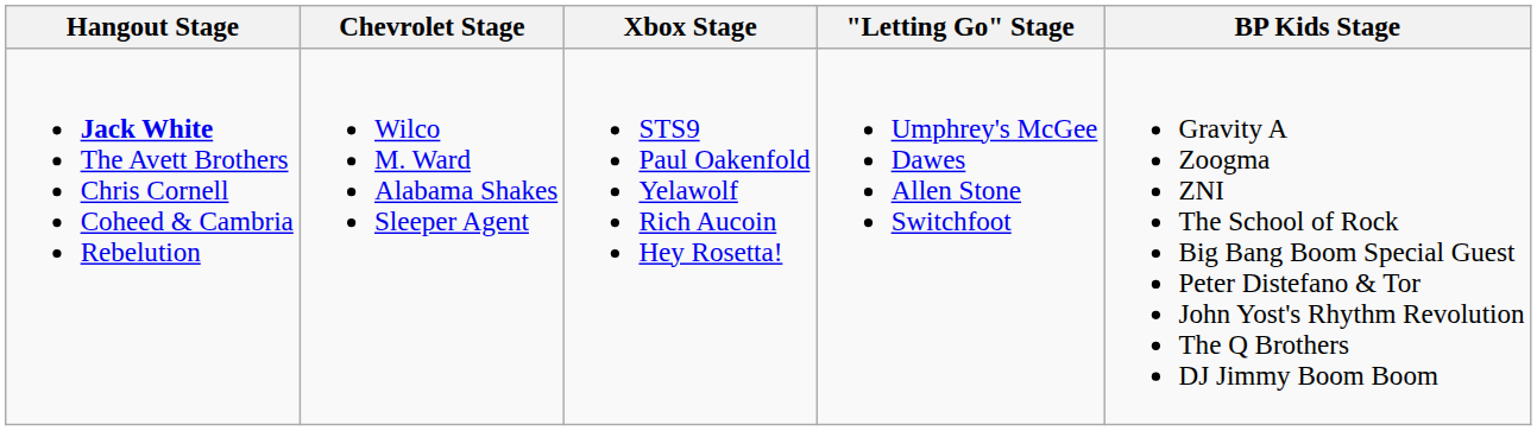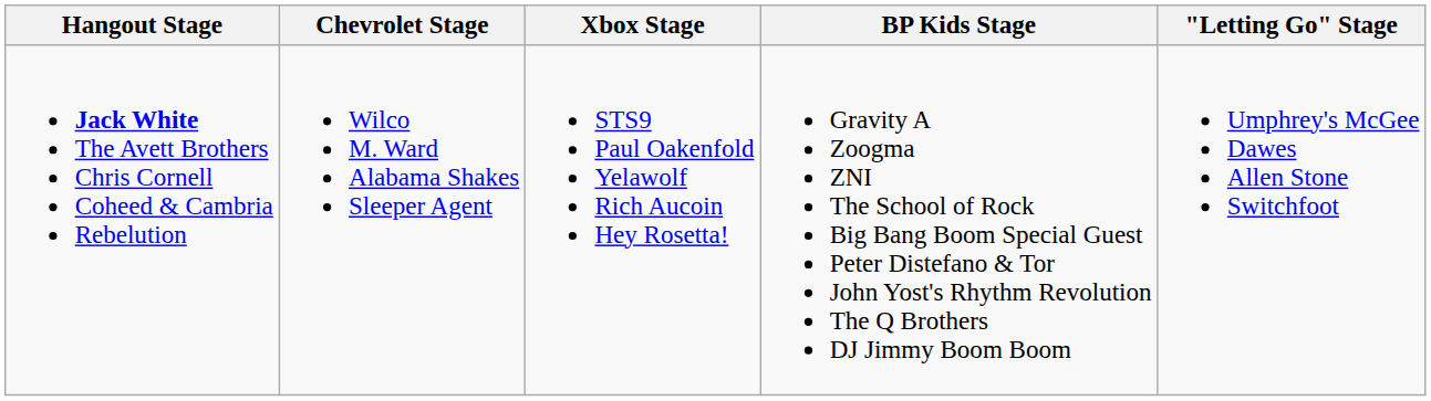 <table class="wikitable">
 <tr>
 <th>Hangout Stage</th>
 <th>Chevrolet Stage</th>
 <th>Xbox Stage</th>
+<th>BP Kids Stage</th>
 <th>"Letting Go" Stage</th>
-<th>BP Kids Stage</th>
 </tr>
 <tr valign="top">
 <td><br><ul><li><strong><a href='#'>Jack White</a></strong></li><li><a href='#'>The Avett Brothers</a></li><li><a href='#'>Chris Cornell</a></li><li><a href='#'>Coheed & Cambria</a></li><li><a href='#'>Rebelution</a></li></ul></td>
 <td><br><ul><li><a href='#'>Wilco</a></li><li><a href='#'>M. Ward</a></li><li><a href='#'>Alabama Shakes</a></li><li><a href='#'>Sleeper Agent</a></li></ul></td>
 <td><br><ul><li><a href='#'>STS9</a></li><li><a href='#'>Paul Oakenfold</a></li><li><a href='#'>Yelawolf</a></li><li><a href='#'>Rich Aucoin</a></li><li><a href='#'>Hey Rosetta!</a></li></ul></td>
+<td><br><ul><li>Gravity A</li><li>Zoogma</li><li>ZNI</li><li>The School of Rock</li><li>Big Bang Boom Special Guest</li><li>Peter Distefano & Tor</li><li>John Yost's Rhythm Revolution</li><li>The Q Brothers</li><li>DJ Jimmy Boom Boom</li></ul></td>
 <td><br><ul><li><a href='#'>Umphrey's McGee</a></li><li><a href='#'>Dawes</a></li><li><a href='#'>Allen Stone</a></li><li><a href='#'>Switchfoot</a></li></ul></td>
-<td><br><ul><li>Gravity A</li><li>Zoogma</li><li>ZNI</li><li>The School of Rock</li><li>Big Bang Boom Special Guest</li><li>Peter Distefano & Tor</li><li>John Yost's Rhythm Revolution</li><li>The Q Brothers</li><li>DJ Jimmy Boom Boom</li></ul></td>
 </tr>
 </table>
